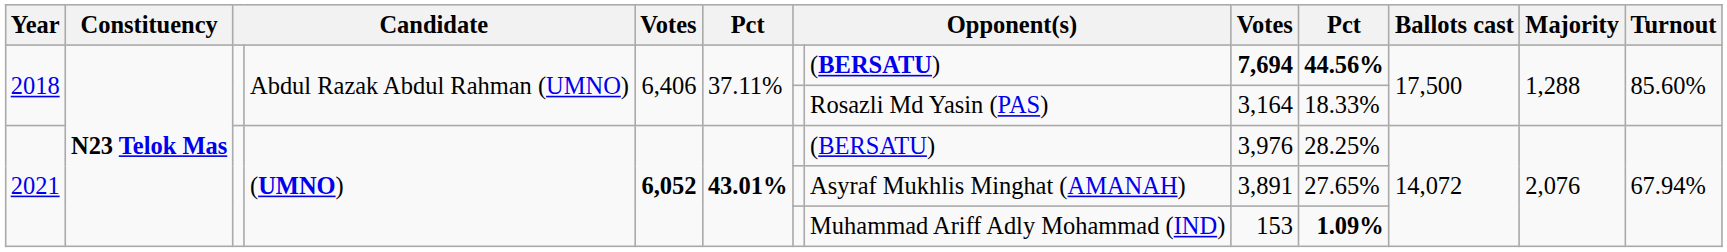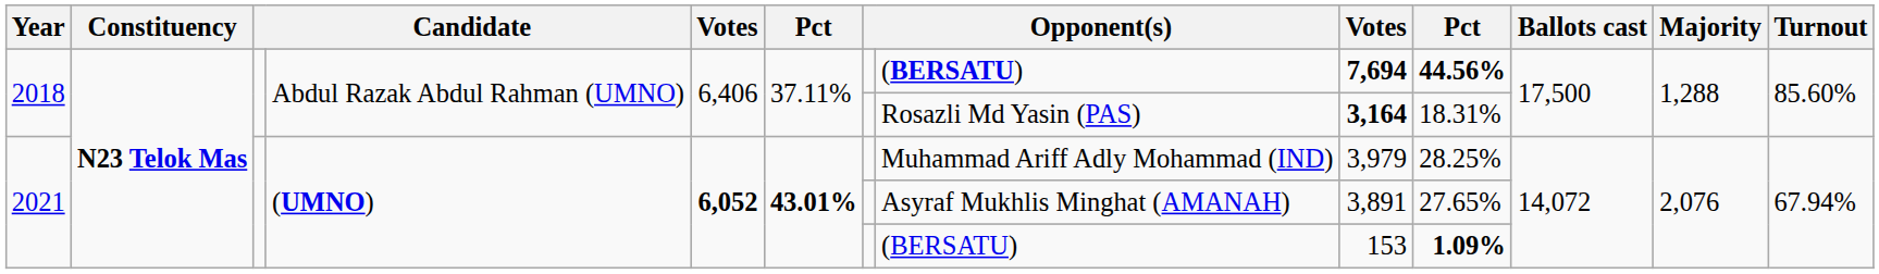 <table class="wikitable" style="margin:0.5em ; font-size:95%">
 <tr>
 <th>Year</th>
 <th>Constituency</th>
 <th colspan=2>Candidate</th>
 <th>Votes</th>
 <th>Pct</th>
 <th colspan=2>Opponent(s)</th>
 <th>Votes</th>
 <th>Pct</th>
 <th>Ballots cast</th>
 <th>Majority</th>
 <th>Turnout</th>
 </tr>
 <tr>
 <td rowspan=2><a href='#'>2018</a></td>
 <td rowspan="5"><strong>N23 <a href='#'>Telok Mas</a></strong></td>
 <td rowspan=2 ></td>
 <td rowspan=2>Abdul Razak Abdul Rahman (<a href='#'>UMNO</a>)</td>
 <td rowspan=2 align="right">6,406</td>
 <td rowspan=2>37.11%</td>
 <td></td>
 <td> (<a href='#'><strong>BERSATU</strong></a>)</td>
 <td align="right"><strong>7,694</strong></td>
 <td><strong>44.56%</strong></td>
 <td rowspan=2>17,500</td>
 <td rowspan=2>1,288</td>
 <td rowspan=2>85.60%</td>
 </tr>
 <tr>
 <td></td>
 <td>Rosazli Md Yasin (<a href='#'>PAS</a>)</td>
-<td align="right">3,164</td>
-<td>18.33%</td>
+<td align="right"><strong>3,164</strong></td>
+<td>18.31%</td>
 </tr>
 <tr>
 <td rowspan="3"><a href='#'>2021</a></td>
 <td rowspan=3 ></td>
 <td rowspan="3"> (<a href='#'><strong>UMNO</strong></a>)</td>
 <td rowspan="3" align=right><strong>6,052</strong></td>
 <td rowspan="3"><strong>43.01%</strong></td>
 <td bgcolor=></td>
-<td> (<a href='#'>BERSATU</a>)</td>
-<td align=right>3,976</td>
+<td>Muhammad Ariff Adly Mohammad (<a href='#'>IND</a>)</td>
+<td align=right>3,979</td>
 <td>28.25%</td>
 <td rowspan=3>14,072</td>
 <td rowspan=3>2,076</td>
 <td rowspan=3>67.94%</td>
 </tr>
 <tr>
 <td></td>
 <td>Asyraf Mukhlis Minghat (<a href='#'>AMANAH</a>)</td>
 <td align="right">3,891</td>
 <td>27.65%</td>
 </tr>
 <tr>
 <td></td>
-<td>Muhammad Ariff Adly Mohammad (<a href='#'>IND</a>)</td>
+<td> (<a href='#'>BERSATU</a>)</td>
 <td align="right">153</td>
 <td align=right><strong>1.09%</strong></td>
 </tr>
 </table>
